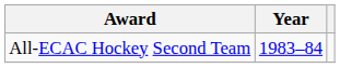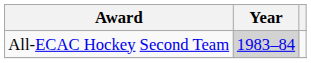 <table class="wikitable">
 <tr>
 <th>Award</th>
 <th>Year</th>
 <th></th>
 </tr>
 <tr>
 <td>All-<a href='#'>ECAC Hockey</a> <a href='#'>Second Team</a></td>
-<td><a href='#'>1983–84</a></td>
+<td style="background: lightgrey;"><a href='#'>1983–84</a></td>
 <td></td>
 </tr>
 <tr>
 </tr>
 </table>
